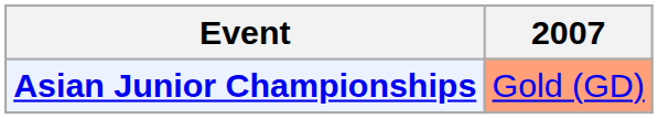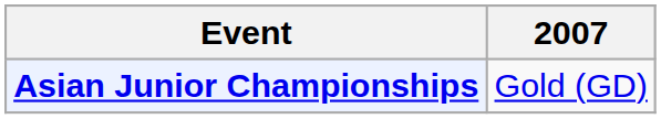 <table class="wikitable" style="font-size: 90%; text-align:center">
 <tr>
 <th>Event</th>
 <th>2007</th>
 </tr>
 <tr>
 <td bgcolor="#ECF2FF"; align="left"><strong><a href='#'>Asian Junior Championships</a></strong></td>
-<td style="background: lightsalmon;"> <a href='#'>Gold (GD)</a></td>
+<td> <a href='#'>Gold (GD)</a></td>
 </tr>
 </table>
